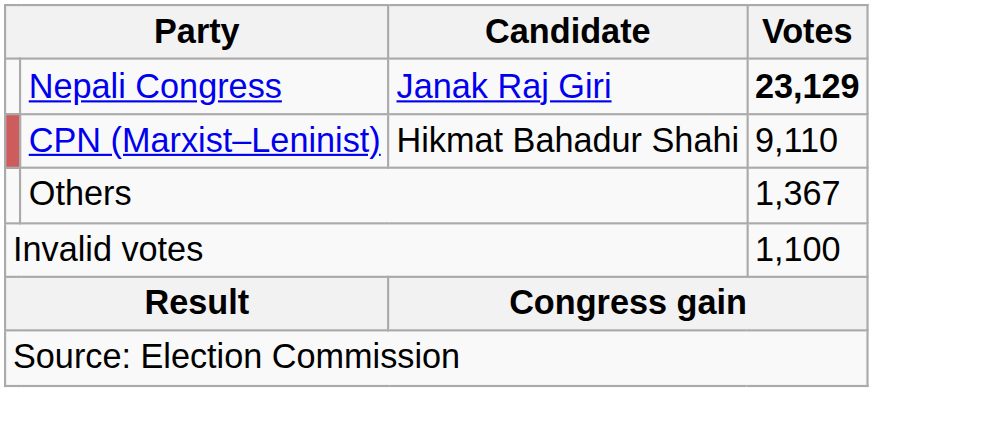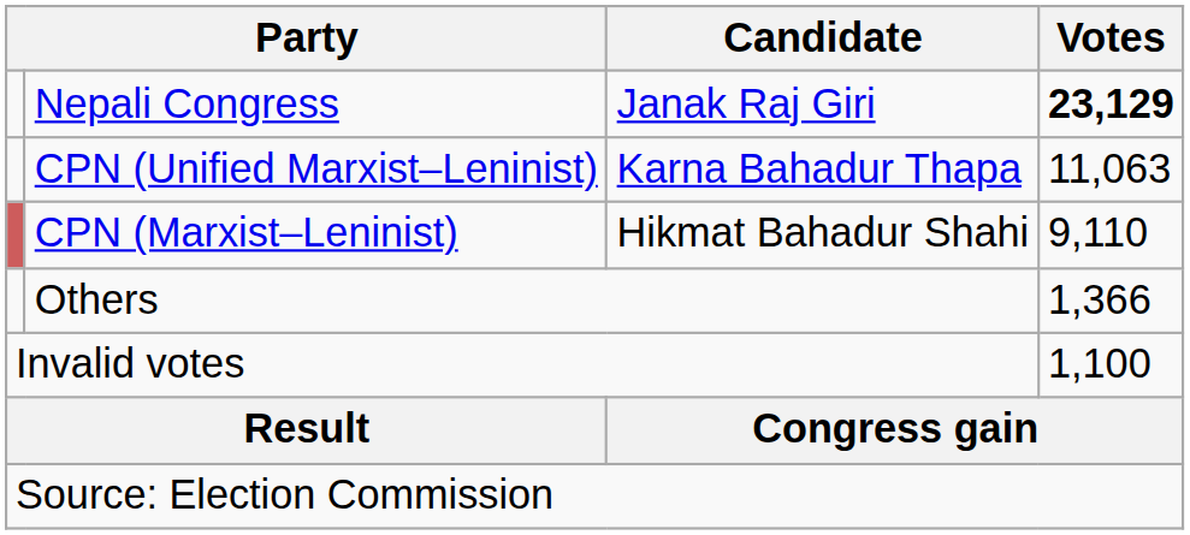 <table class="wikitable">
 <tr>
 <th colspan="2">Party</th>
 <th>Candidate</th>
 <th>Votes</th>
 </tr>
 <tr>
 <td style="background-color:"></td>
 <td><a href='#'>Nepali Congress</a></td>
 <td><a href='#'>Janak Raj Giri</a></td>
 <td><strong>23,129</strong></td>
 </tr>
 <tr>
+<td style="background-color:"></td>
+<td><a href='#'>CPN (Unified Marxist–Leninist)</a></td>
+<td><a href='#'>Karna Bahadur Thapa</a></td>
+<td>11,063</td>
+</tr>
+<tr>
 <td style="background-color:indianred"></td>
 <td><a href='#'>CPN (Marxist–Leninist)</a></td>
 <td>Hikmat Bahadur Shahi</td>
 <td>9,110</td>
 </tr>
 <tr>
 <td></td>
 <td colspan="2">Others</td>
-<td>1,367</td>
+<td>1,366</td>
 </tr>
 <tr>
 <td colspan="3">Invalid votes</td>
 <td>1,100</td>
 </tr>
 <tr>
 <th colspan="2">Result</th>
 <th colspan="2">Congress gain</th>
 </tr>
 <tr>
 <td colspan="4">Source: Election Commission</td>
 </tr>
 </table>
